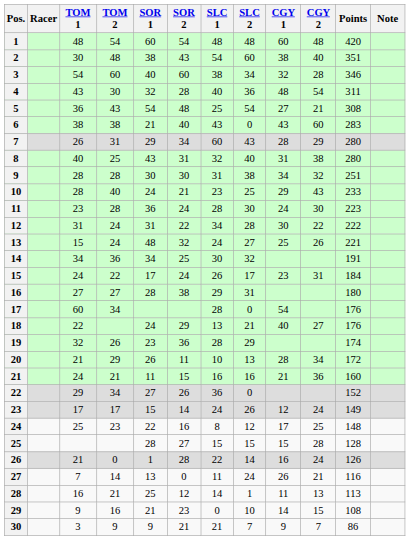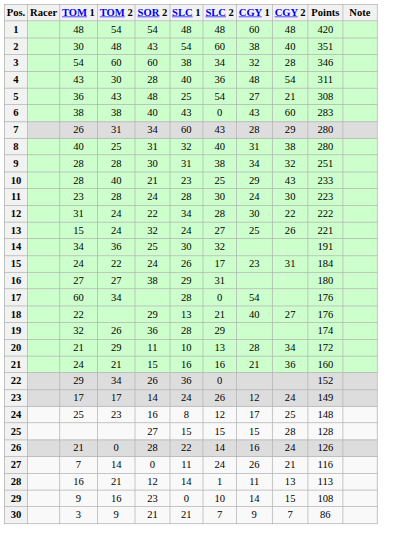 <table class="wikitable sortable plainrowheaders" style="text-align:center;">
 <tr>
 <th scope="col">Pos.</th>
 <th scope="col">Racer</th>
 <th scope="col"> <a href='#'>TOM</a> 1</th>
 <th> <a href='#'>TOM</a> 2</th>
-<th scope="col"> <a href='#'>SOR</a> 1</th>
 <th> <a href='#'>SOR</a> 2</th>
 <th scope="col"> <a href='#'>SLC</a> 1</th>
 <th> <a href='#'>SLC</a> 2</th>
 <th scope="col"> <a href='#'>CGY</a> 1</th>
 <th> <a href='#'>CGY</a> 2</th>
 <th style="width:45px;">Points</th>
 <th style="width:45px;">Note</th>
 </tr>
 <tr bgcolor=#ccffcc>
 <th style="text - align:center; ">1</th>
 <td align="left"></td>
 <td>48</td>
 <td>54</td>
-<td>60</td>
 <td>54</td>
 <td>48</td>
 <td>48</td>
 <td>60</td>
 <td>48</td>
 <td>420</td>
 <td></td>
 </tr>
 <tr bgcolor=#ccffcc>
 <th style="text - align:center; ">2</th>
 <td align="left"></td>
 <td>30</td>
 <td>48</td>
-<td>38</td>
 <td>43</td>
 <td>54</td>
 <td>60</td>
 <td>38</td>
 <td>40</td>
 <td>351</td>
 <td></td>
 </tr>
 <tr bgcolor=#ccffcc>
 <th style="text - align:center; ">3</th>
 <td align="left"></td>
 <td>54</td>
 <td>60</td>
-<td>40</td>
 <td>60</td>
 <td>38</td>
 <td>34</td>
 <td>32</td>
 <td>28</td>
 <td>346</td>
 <td></td>
 </tr>
 <tr bgcolor=#ccffcc>
 <th style="text - align:center; ">4</th>
 <td align="left"></td>
 <td>43</td>
 <td>30</td>
-<td>32</td>
 <td>28</td>
 <td>40</td>
 <td>36</td>
 <td>48</td>
 <td>54</td>
 <td>311</td>
 <td></td>
 </tr>
 <tr bgcolor=#ccffcc>
 <th style="text - align:center; ">5</th>
 <td align="left"></td>
 <td>36</td>
 <td>43</td>
-<td>54</td>
 <td>48</td>
 <td>25</td>
 <td>54</td>
 <td>27</td>
 <td>21</td>
 <td>308</td>
 <td></td>
 </tr>
 <tr bgcolor=#ccffcc>
 <th style="text - align:center; ">6</th>
 <td align="left"></td>
 <td>38</td>
 <td>38</td>
-<td>21</td>
 <td>40</td>
 <td>43</td>
 <td>0</td>
 <td>43</td>
 <td>60</td>
 <td>283</td>
 <td></td>
 </tr>
 <tr bgcolor=#dddddd>
 <th style="text - align:center; ">7</th>
 <td align="left"></td>
 <td>26</td>
 <td>31</td>
-<td>29</td>
 <td>34</td>
 <td>60</td>
 <td>43</td>
 <td>28</td>
 <td>29</td>
 <td>280</td>
 <td></td>
 </tr>
 <tr bgcolor=#ccffcc>
 <th style="text - align:center; ">8</th>
 <td align="left"></td>
 <td>40</td>
 <td>25</td>
-<td>43</td>
 <td>31</td>
 <td>32</td>
 <td>40</td>
 <td>31</td>
 <td>38</td>
 <td>280</td>
 <td></td>
 </tr>
 <tr bgcolor=#ccffcc>
 <th style="text - align:center; ">9</th>
 <td align="left"></td>
 <td>28</td>
 <td>28</td>
 <td>30</td>
-<td>30</td>
 <td>31</td>
 <td>38</td>
 <td>34</td>
 <td>32</td>
 <td>251</td>
 <td></td>
 </tr>
 <tr bgcolor=#ccffcc>
 <th style="text - align:center; ">10</th>
 <td align="left"></td>
 <td>28</td>
 <td>40</td>
-<td>24</td>
 <td>21</td>
 <td>23</td>
 <td>25</td>
 <td>29</td>
 <td>43</td>
 <td>233</td>
 <td></td>
 </tr>
 <tr bgcolor=#ccffcc>
 <th style="text - align:center; ">11</th>
 <td align="left"></td>
 <td>23</td>
 <td>28</td>
-<td>36</td>
 <td>24</td>
 <td>28</td>
 <td>30</td>
 <td>24</td>
 <td>30</td>
 <td>223</td>
 <td></td>
 </tr>
 <tr bgcolor=#ccffcc>
 <th style="text - align:center; ">12</th>
 <td align="left"></td>
 <td>31</td>
 <td>24</td>
-<td>31</td>
 <td>22</td>
 <td>34</td>
 <td>28</td>
 <td>30</td>
 <td>22</td>
 <td>222</td>
 <td></td>
 </tr>
 <tr bgcolor=#ccffcc>
 <th style="text - align:center; ">13</th>
 <td align="left"></td>
 <td>15</td>
 <td>24</td>
-<td>48</td>
 <td>32</td>
 <td>24</td>
 <td>27</td>
 <td>25</td>
 <td>26</td>
 <td>221</td>
 <td></td>
 </tr>
 <tr bgcolor=#ccffcc>
 <th style="text - align:center; ">14</th>
 <td align="left"></td>
 <td>34</td>
 <td>36</td>
-<td>34</td>
 <td>25</td>
 <td>30</td>
 <td>32</td>
 <td></td>
 <td></td>
 <td>191</td>
 <td></td>
 </tr>
 <tr bgcolor=#ccffcc>
 <th style="text - align:center; ">15</th>
 <td align="left"></td>
 <td>24</td>
 <td>22</td>
-<td>17</td>
 <td>24</td>
 <td>26</td>
 <td>17</td>
 <td>23</td>
 <td>31</td>
 <td>184</td>
 <td></td>
 </tr>
 <tr bgcolor=#ccffcc>
 <th style="text - align:center; ">16</th>
 <td align="left"></td>
 <td>27</td>
 <td>27</td>
-<td>28</td>
 <td>38</td>
 <td>29</td>
 <td>31</td>
 <td></td>
 <td></td>
 <td>180</td>
 <td></td>
 </tr>
 <tr bgcolor=#ccffcc>
 <th style="text - align:center; ">17</th>
 <td align="left"></td>
 <td>60</td>
 <td>34</td>
 <td></td>
-<td></td>
 <td>28</td>
 <td>0</td>
 <td>54</td>
 <td></td>
 <td>176</td>
 <td></td>
 </tr>
 <tr bgcolor=#ccffcc>
 <th style="text - align:center; ">18</th>
 <td align="left"></td>
 <td>22</td>
 <td></td>
-<td>24</td>
 <td>29</td>
 <td>13</td>
 <td>21</td>
 <td>40</td>
 <td>27</td>
 <td>176</td>
 <td></td>
 </tr>
 <tr bgcolor=#ccffcc>
 <th style="text - align:center; ">19</th>
 <td align="left"></td>
 <td>32</td>
 <td>26</td>
-<td>23</td>
 <td>36</td>
 <td>28</td>
 <td>29</td>
 <td></td>
 <td></td>
 <td>174</td>
 <td></td>
 </tr>
 <tr bgcolor=#ccffcc>
 <th style="text - align:center; ">20</th>
 <td align="left"></td>
 <td>21</td>
 <td>29</td>
-<td>26</td>
 <td>11</td>
 <td>10</td>
 <td>13</td>
 <td>28</td>
 <td>34</td>
 <td>172</td>
 <td></td>
 </tr>
 <tr bgcolor=#ccffcc>
 <th style="text - align:center; ">21</th>
 <td align="left"></td>
 <td>24</td>
 <td>21</td>
-<td>11</td>
 <td>15</td>
 <td>16</td>
 <td>16</td>
 <td>21</td>
 <td>36</td>
 <td>160</td>
 <td></td>
 </tr>
 <tr bgcolor=#dddddd>
 <th style="text - align:center; ">22</th>
 <td align="left"></td>
 <td>29</td>
 <td>34</td>
-<td>27</td>
 <td>26</td>
 <td>36</td>
 <td>0</td>
 <td></td>
 <td></td>
 <td>152</td>
 <td></td>
 </tr>
 <tr bgcolor=#dddddd>
 <th style="text - align:center; ">23</th>
 <td align="left"></td>
 <td>17</td>
 <td>17</td>
-<td>15</td>
 <td>14</td>
 <td>24</td>
 <td>26</td>
 <td>12</td>
 <td>24</td>
 <td>149</td>
 <td></td>
 </tr>
 <tr>
 <th style="text - align:center; ">24</th>
 <td align="left"></td>
 <td>25</td>
 <td>23</td>
-<td>22</td>
 <td>16</td>
 <td>8</td>
 <td>12</td>
 <td>17</td>
 <td>25</td>
 <td>148</td>
 <td></td>
 </tr>
 <tr>
 <th style="text - align:center; ">25</th>
 <td align="left"></td>
 <td></td>
 <td></td>
-<td>28</td>
 <td>27</td>
 <td>15</td>
 <td>15</td>
 <td>15</td>
 <td>28</td>
 <td>128</td>
 <td></td>
 </tr>
 <tr bgcolor=#dddddd>
 <th style="text - align:center; ">26</th>
 <td align="left"></td>
 <td>21</td>
 <td>0</td>
-<td>1</td>
 <td>28</td>
 <td>22</td>
 <td>14</td>
 <td>16</td>
 <td>24</td>
 <td>126</td>
 <td></td>
 </tr>
 <tr>
 <th style="text - align:center; ">27</th>
 <td align="left"></td>
 <td>7</td>
 <td>14</td>
-<td>13</td>
 <td>0</td>
 <td>11</td>
 <td>24</td>
 <td>26</td>
 <td>21</td>
 <td>116</td>
 <td></td>
 </tr>
 <tr>
 <th style="text - align:center; ">28</th>
 <td align="left"></td>
 <td>16</td>
 <td>21</td>
-<td>25</td>
 <td>12</td>
 <td>14</td>
 <td>1</td>
 <td>11</td>
 <td>13</td>
 <td>113</td>
 <td></td>
 </tr>
 <tr>
 <th style="text - align:center; ">29</th>
 <td align="left"></td>
 <td>9</td>
 <td>16</td>
-<td>21</td>
 <td>23</td>
 <td>0</td>
 <td>10</td>
 <td>14</td>
 <td>15</td>
 <td>108</td>
 <td></td>
 </tr>
 <tr>
 <th style="text - align:center; ">30</th>
 <td align="left"></td>
 <td>3</td>
 <td>9</td>
-<td>9</td>
 <td>21</td>
 <td>21</td>
 <td>7</td>
 <td>9</td>
 <td>7</td>
 <td>86</td>
 <td></td>
 </tr>
 </table>
